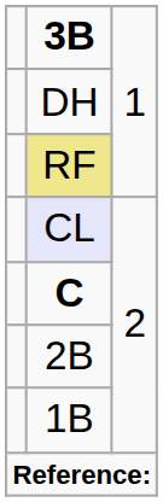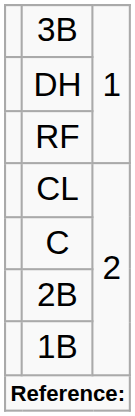 <table class="wikitable sortable" style="text-align: center">
 <tr align=center>
 </tr>
 <tr>
 <td></td>
-<td><strong>3B</strong></td>
+<td>3B</td>
 <td rowspan="3">1</td>
 </tr>
 <tr>
 <td></td>
 <td>DH</td>
 </tr>
 <tr>
 <td></td>
-<td style="background: khaki;">RF</td>
+<td>RF</td>
 </tr>
 <tr>
 <td></td>
-<td style="background: lavender;">CL</td>
+<td>CL</td>
 <td rowspan="4">2</td>
 </tr>
 <tr>
 <td></td>
-<td><strong>C</strong></td>
+<td>C</td>
 </tr>
 <tr>
 <td></td>
 <td>2B</td>
 </tr>
 <tr>
 <td></td>
 <td>1B</td>
 </tr>
 <tr class="sortbottom">
 <td colspan="4"  style="font-size:8pt; text-align:center;"><strong>Reference:</strong></td>
 </tr>
 </table>
